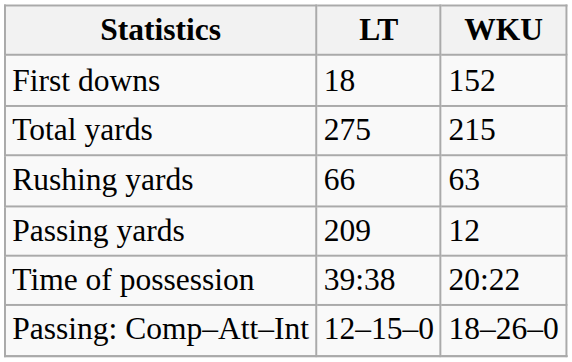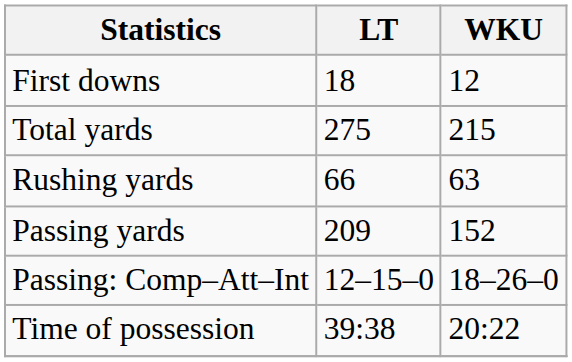 <table class="wikitable" style="float: left;">
 <tr>
 <th>Statistics</th>
 <th>LT</th>
 <th>WKU</th>
 </tr>
 <tr>
 <td>First downs</td>
 <td>18</td>
-<td>152</td>
+<td>12</td>
 </tr>
 <tr>
 <td>Total yards</td>
 <td>275</td>
 <td>215</td>
 </tr>
 <tr>
 <td>Rushing yards</td>
 <td>66</td>
 <td>63</td>
 </tr>
 <tr>
 <td>Passing yards</td>
 <td>209</td>
-<td>12</td>
+<td>152</td>
+</tr>
+<tr>
+<td>Passing: Comp–Att–Int</td>
+<td>12–15–0</td>
+<td>18–26–0</td>
 </tr>
 <tr>
 <td>Time of possession</td>
 <td>39:38</td>
 <td>20:22</td>
 </tr>
 <tr>
-<td>Passing: Comp–Att–Int</td>
-<td>12–15–0</td>
-<td>18–26–0</td>
-</tr>
-<tr>
 </tr>
 </table>
